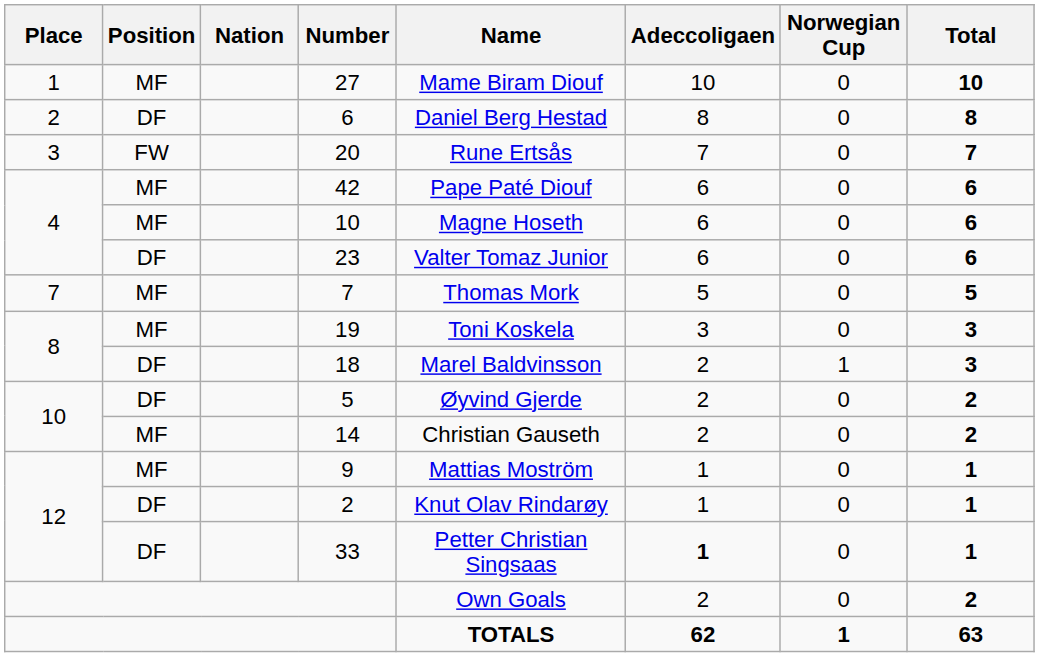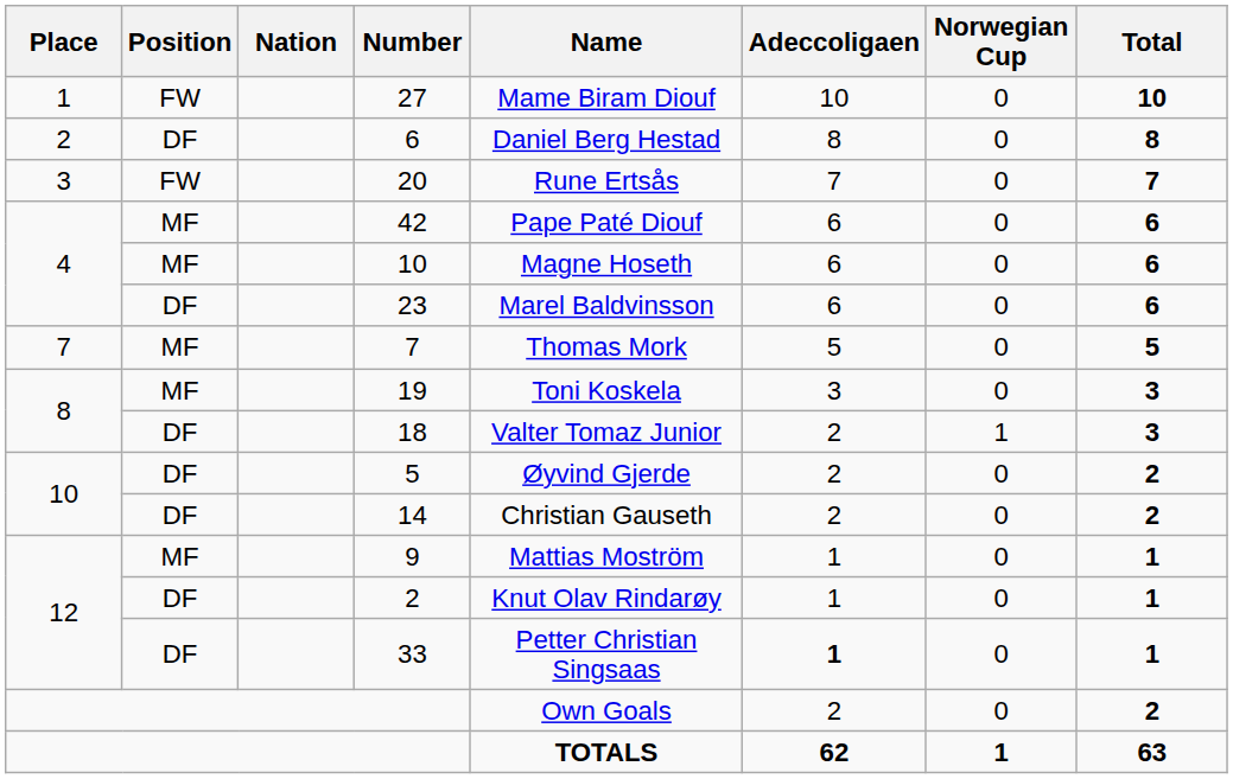 <table class="wikitable" style="font-size: 95%; text-align: center;">
 <tr>
 <th width=60>Place</th>
 <th width=60>Position</th>
 <th width=60>Nation</th>
 <th width=60>Number</th>
 <th width=150>Name</th>
 <th width=80>Adeccoligaen</th>
 <th width=80>Norwegian Cup</th>
 <th width=80><strong>Total</strong></th>
 </tr>
 <tr>
 <td>1</td>
-<td>MF</td>
+<td>FW</td>
 <td></td>
 <td>27</td>
 <td><a href='#'>Mame Biram Diouf</a></td>
 <td>10</td>
 <td>0</td>
 <td><strong>10</strong></td>
 </tr>
 <tr>
 <td>2</td>
 <td>DF</td>
 <td></td>
 <td>6</td>
 <td><a href='#'>Daniel Berg Hestad</a></td>
 <td>8</td>
 <td>0</td>
 <td><strong>8</strong></td>
 </tr>
 <tr>
 <td>3</td>
 <td>FW</td>
 <td></td>
 <td>20</td>
 <td><a href='#'>Rune Ertsås</a></td>
 <td>7</td>
 <td>0</td>
 <td><strong>7</strong></td>
 </tr>
 <tr>
 <td rowspan="3">4</td>
 <td>MF</td>
 <td></td>
 <td>42</td>
 <td><a href='#'>Pape Paté Diouf</a></td>
 <td>6</td>
 <td>0</td>
 <td><strong>6</strong></td>
 </tr>
 <tr>
 <td>MF</td>
 <td></td>
 <td>10</td>
 <td><a href='#'>Magne Hoseth</a></td>
 <td>6</td>
 <td>0</td>
 <td><strong>6</strong></td>
 </tr>
 <tr>
 <td>DF</td>
 <td></td>
 <td>23</td>
-<td><a href='#'>Valter Tomaz Junior</a></td>
+<td><a href='#'>Marel Baldvinsson</a></td>
 <td>6</td>
 <td>0</td>
 <td><strong>6</strong></td>
 </tr>
 <tr>
 <td>7</td>
 <td>MF</td>
 <td></td>
 <td>7</td>
 <td><a href='#'>Thomas Mork</a></td>
 <td>5</td>
 <td>0</td>
 <td><strong>5</strong></td>
 </tr>
 <tr>
 <td rowspan="2">8</td>
 <td>MF</td>
 <td></td>
 <td>19</td>
 <td><a href='#'>Toni Koskela</a></td>
 <td>3</td>
 <td>0</td>
 <td><strong>3</strong></td>
 </tr>
 <tr>
 <td>DF</td>
 <td></td>
 <td>18</td>
-<td><a href='#'>Marel Baldvinsson</a></td>
+<td><a href='#'>Valter Tomaz Junior</a></td>
 <td>2</td>
 <td>1</td>
 <td><strong>3</strong></td>
 </tr>
 <tr>
 <td rowspan="2">10</td>
 <td>DF</td>
 <td></td>
 <td>5</td>
 <td><a href='#'>Øyvind Gjerde</a></td>
 <td>2</td>
 <td>0</td>
 <td><strong>2</strong></td>
 </tr>
 <tr>
-<td>MF</td>
+<td>DF</td>
 <td></td>
 <td>14</td>
 <td>Christian Gauseth</td>
 <td>2</td>
 <td>0</td>
 <td><strong>2</strong></td>
 </tr>
 <tr>
 <td rowspan="3">12</td>
 <td>MF</td>
 <td></td>
 <td>9</td>
 <td><a href='#'>Mattias Moström</a></td>
 <td>1</td>
 <td>0</td>
 <td><strong>1</strong></td>
 </tr>
 <tr>
 <td>DF</td>
 <td></td>
 <td>2</td>
 <td><a href='#'>Knut Olav Rindarøy</a></td>
 <td>1</td>
 <td>0</td>
 <td><strong>1</strong></td>
 </tr>
 <tr>
 <td>DF</td>
 <td></td>
 <td>33</td>
 <td><a href='#'>Petter Christian Singsaas</a></td>
 <td><strong>1</strong></td>
 <td>0</td>
 <td><strong>1</strong></td>
 </tr>
 <tr>
 <td colspan="4"></td>
 <td><a href='#'>Own Goals</a></td>
 <td>2</td>
 <td>0</td>
 <td><strong>2</strong></td>
 </tr>
 <tr>
 <td colspan="4"></td>
 <td><strong>TOTALS</strong></td>
 <td><strong>62</strong></td>
 <td><strong>1</strong></td>
 <td><strong>63</strong></td>
 </tr>
 </table>
